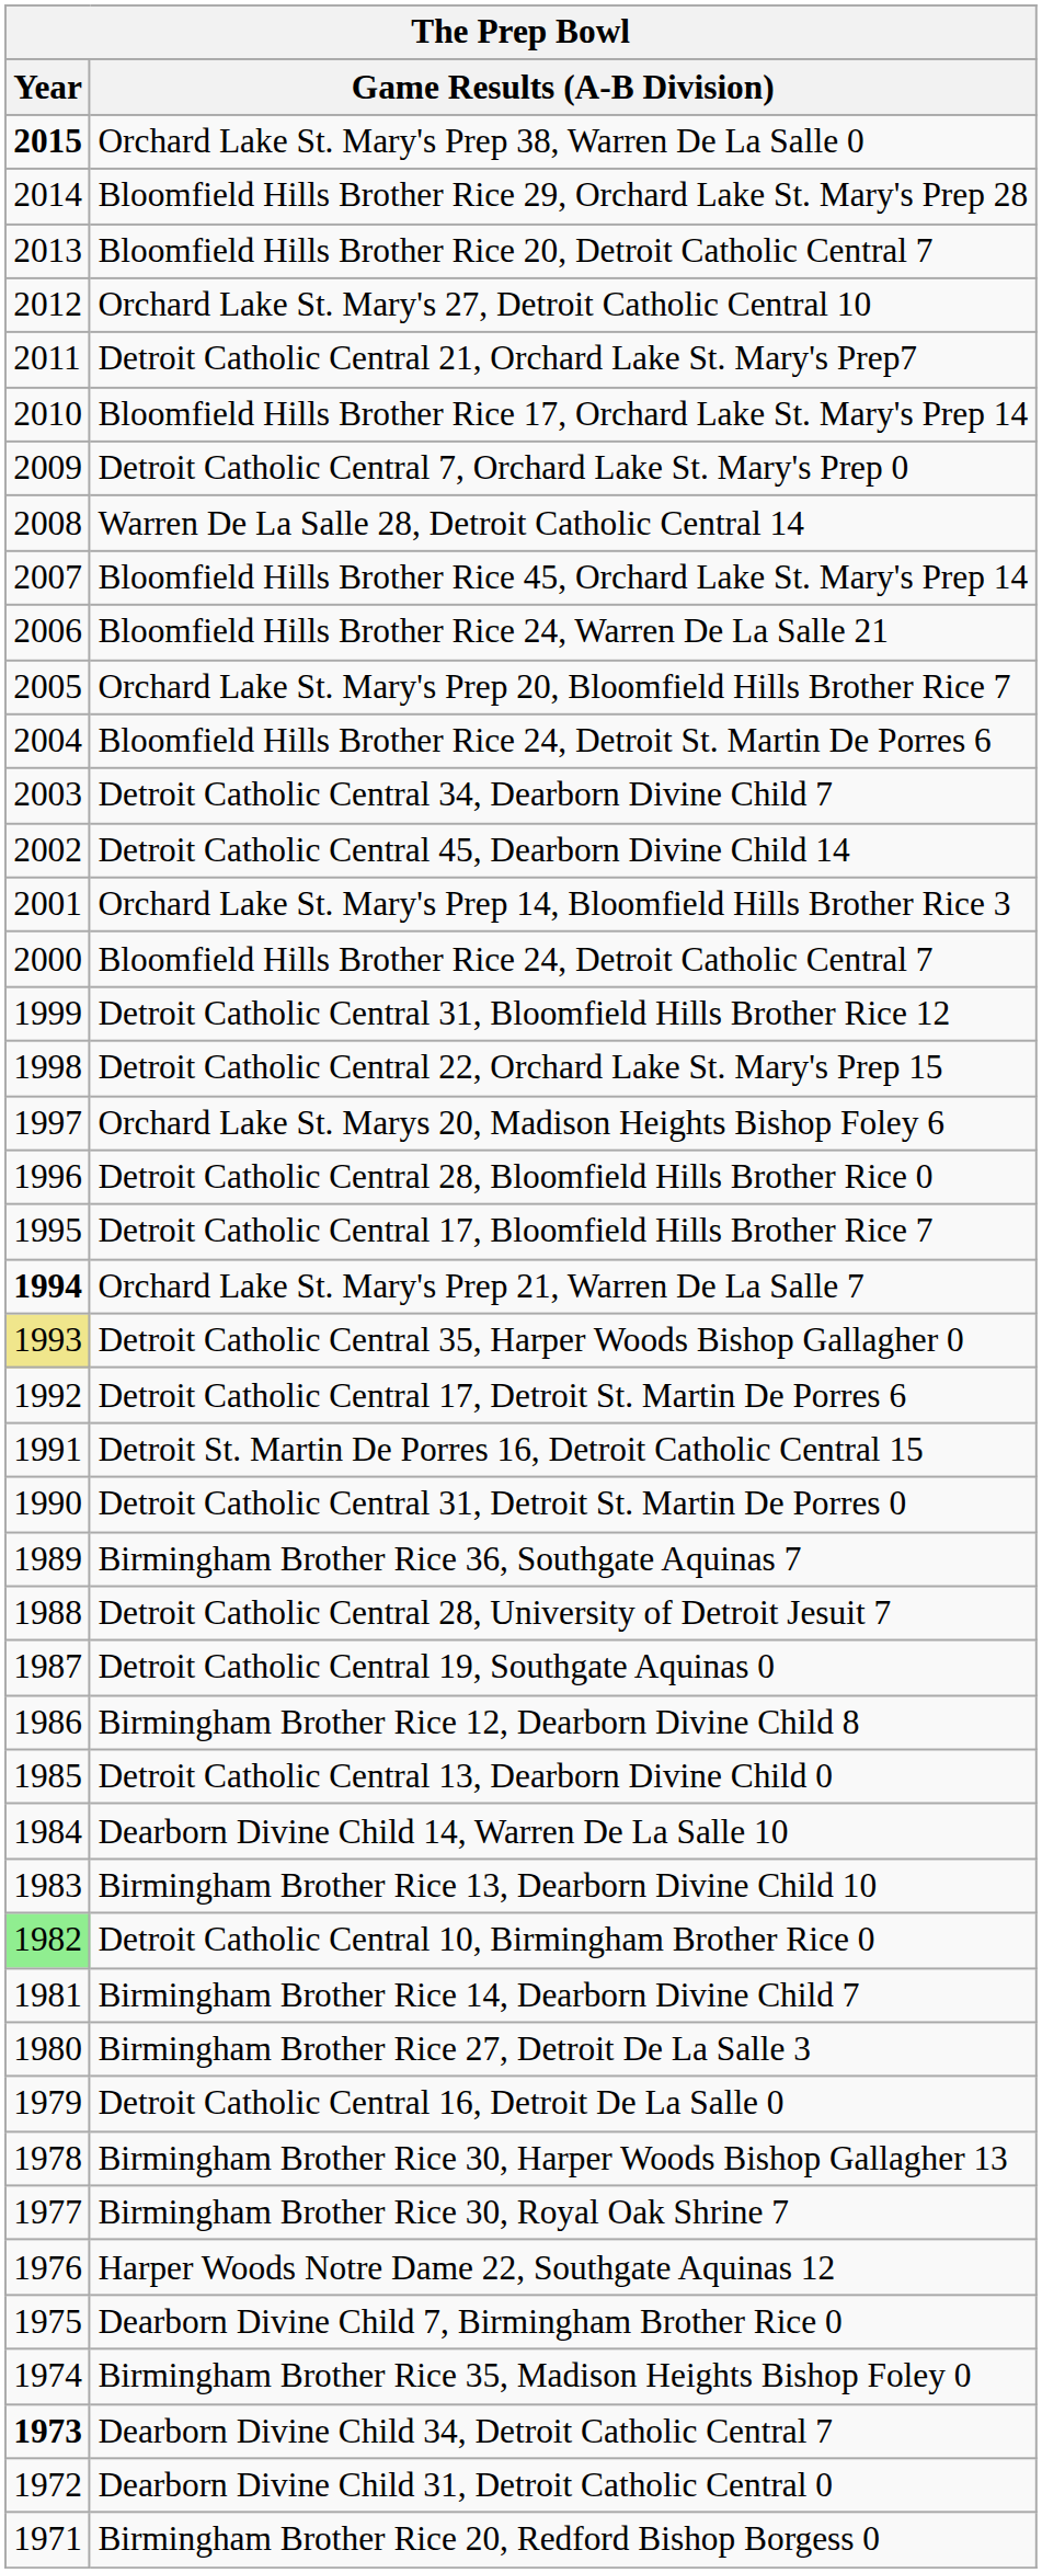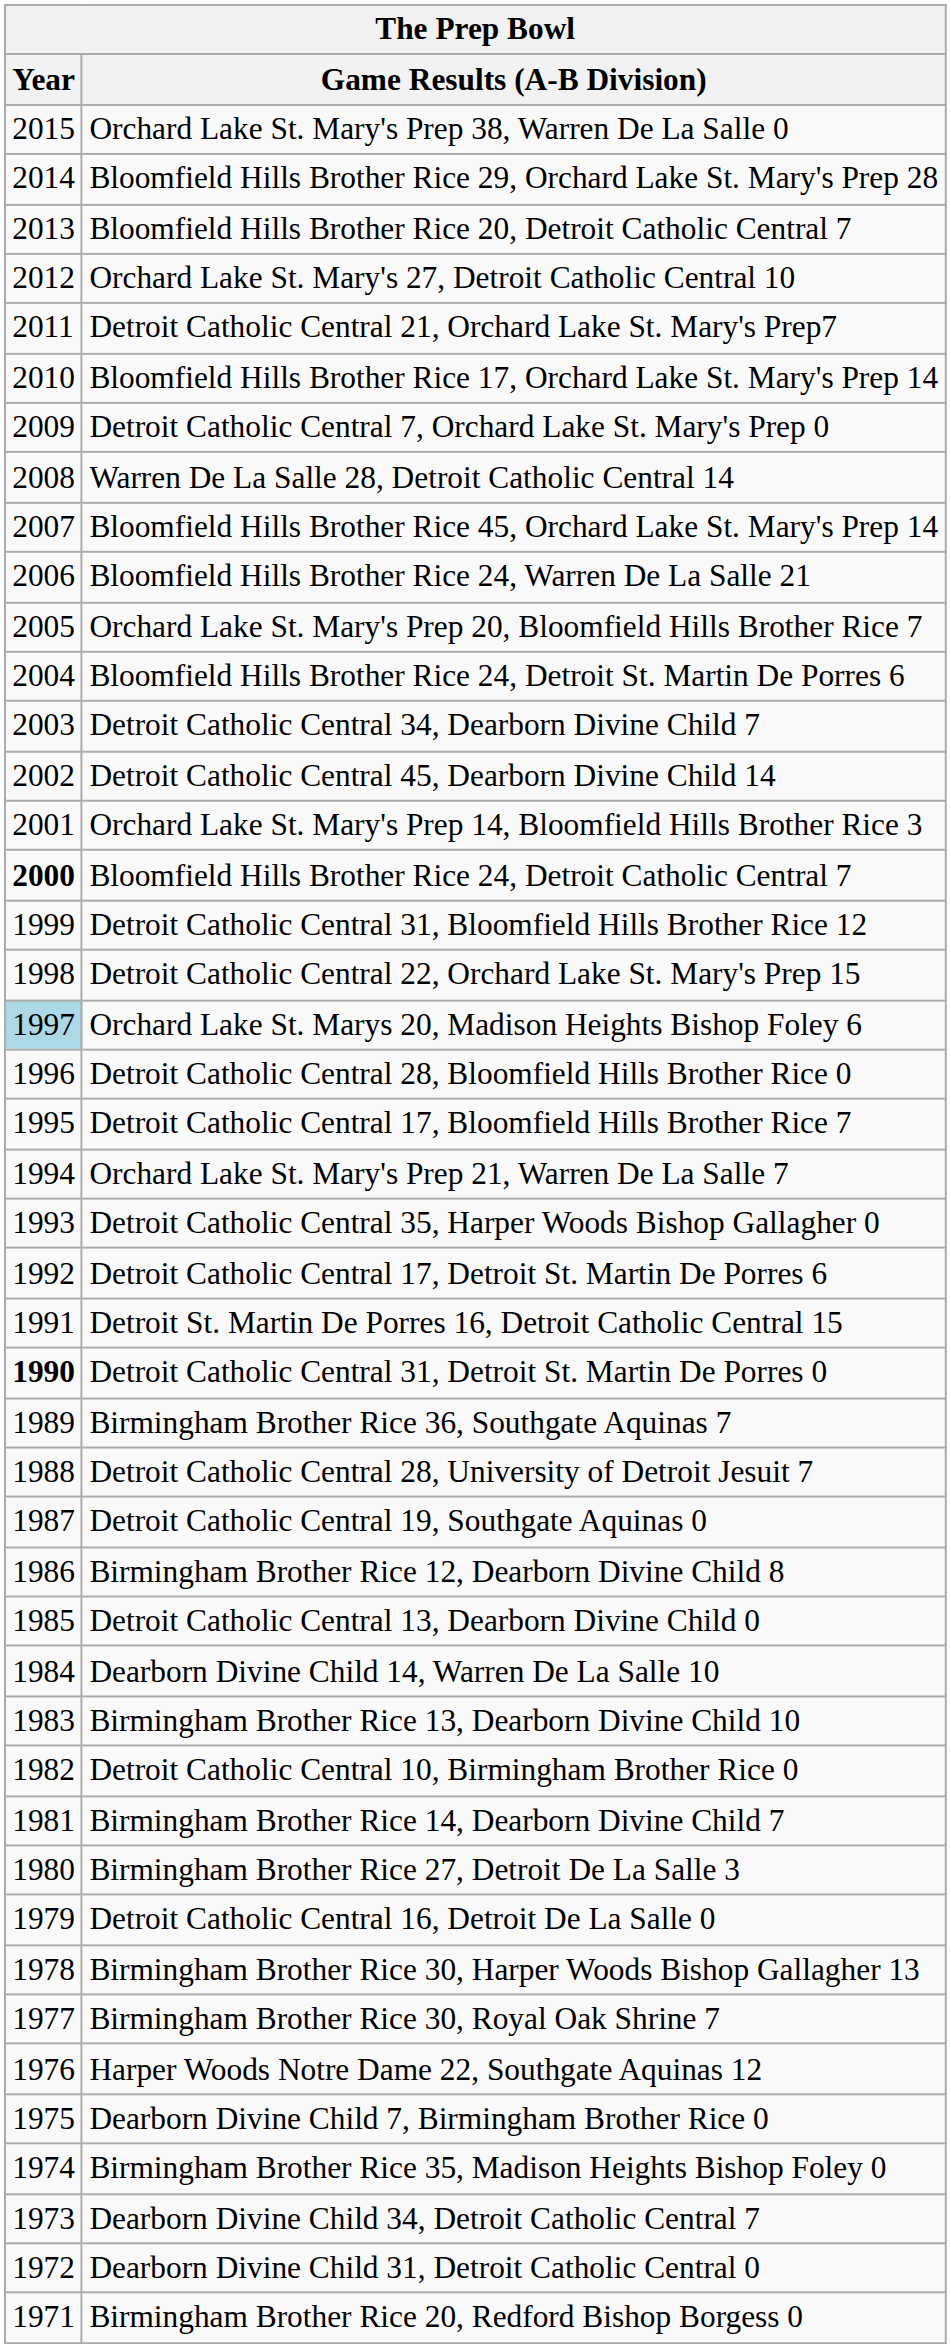 <table class="wikitable sortable">
 <tr>
 <th colspan=3>The Prep Bowl</th>
 </tr>
 <tr>
 <th>Year</th>
 <th>Game Results (A-B Division)</th>
 </tr>
 <tr>
-<td><strong>2015</strong></td>
+<td>2015</td>
 <td>Orchard Lake St. Mary's Prep 38, Warren De La Salle 0</td>
 </tr>
 <tr>
 <td>2014</td>
 <td>Bloomfield Hills Brother Rice 29, Orchard Lake St. Mary's Prep 28</td>
 </tr>
 <tr>
 <td>2013</td>
 <td>Bloomfield Hills Brother Rice 20, Detroit Catholic Central 7</td>
 </tr>
 <tr>
 <td>2012</td>
 <td>Orchard Lake St. Mary's 27, Detroit Catholic Central 10</td>
 </tr>
 <tr>
 <td>2011</td>
 <td>Detroit Catholic Central 21, Orchard Lake St. Mary's Prep7</td>
 </tr>
 <tr>
 <td>2010</td>
 <td>Bloomfield Hills Brother Rice 17, Orchard Lake St. Mary's Prep 14</td>
 </tr>
 <tr>
 <td>2009</td>
 <td>Detroit Catholic Central 7, Orchard Lake St. Mary's Prep 0</td>
 </tr>
 <tr>
 <td>2008</td>
 <td>Warren De La Salle 28, Detroit Catholic Central 14</td>
 </tr>
 <tr>
 <td>2007</td>
 <td>Bloomfield Hills Brother Rice 45, Orchard Lake St. Mary's Prep 14</td>
 </tr>
 <tr>
 <td>2006</td>
 <td>Bloomfield Hills Brother Rice 24, Warren De La Salle 21</td>
 </tr>
 <tr>
 <td>2005</td>
 <td>Orchard Lake St. Mary's Prep 20, Bloomfield Hills Brother Rice 7</td>
 </tr>
 <tr>
 <td>2004</td>
 <td>Bloomfield Hills Brother Rice 24, Detroit St. Martin De Porres 6</td>
 </tr>
 <tr>
 <td>2003</td>
 <td>Detroit Catholic Central 34, Dearborn Divine Child 7</td>
 </tr>
 <tr>
 <td>2002</td>
 <td>Detroit Catholic Central 45, Dearborn Divine Child 14</td>
 </tr>
 <tr>
 <td>2001</td>
 <td>Orchard Lake St. Mary's Prep 14, Bloomfield Hills Brother Rice 3</td>
 </tr>
 <tr>
-<td>2000</td>
+<td><strong>2000</strong></td>
 <td>Bloomfield Hills Brother Rice 24, Detroit Catholic Central 7</td>
 </tr>
 <tr>
 <td>1999</td>
 <td>Detroit Catholic Central 31, Bloomfield Hills Brother Rice 12</td>
 </tr>
 <tr>
 <td>1998</td>
 <td>Detroit Catholic Central 22, Orchard Lake St. Mary's Prep 15</td>
 </tr>
 <tr>
-<td>1997</td>
+<td style="background: lightblue;">1997</td>
 <td>Orchard Lake St. Marys 20, Madison Heights Bishop Foley 6</td>
 </tr>
 <tr>
 <td>1996</td>
 <td>Detroit Catholic Central 28, Bloomfield Hills Brother Rice 0</td>
 </tr>
 <tr>
 <td>1995</td>
 <td>Detroit Catholic Central 17, Bloomfield Hills Brother Rice 7</td>
 </tr>
 <tr>
-<td><strong>1994</strong></td>
+<td>1994</td>
 <td>Orchard Lake St. Mary's Prep 21, Warren De La Salle 7</td>
 </tr>
 <tr>
-<td style="background: khaki;">1993</td>
+<td>1993</td>
 <td>Detroit Catholic Central 35, Harper Woods Bishop Gallagher 0</td>
 </tr>
 <tr>
 <td>1992</td>
 <td>Detroit Catholic Central 17, Detroit St. Martin De Porres 6</td>
 </tr>
 <tr>
 <td>1991</td>
 <td>Detroit St. Martin De Porres 16, Detroit Catholic Central 15</td>
 </tr>
 <tr>
-<td>1990</td>
+<td><strong>1990</strong></td>
 <td>Detroit Catholic Central 31, Detroit St. Martin De Porres 0</td>
 </tr>
 <tr>
 <td>1989</td>
 <td>Birmingham Brother Rice 36, Southgate Aquinas 7</td>
 </tr>
 <tr>
 <td>1988</td>
 <td>Detroit Catholic Central 28, University of Detroit Jesuit 7</td>
 </tr>
 <tr>
 <td>1987</td>
 <td>Detroit Catholic Central 19, Southgate Aquinas 0</td>
 </tr>
 <tr>
 <td>1986</td>
 <td>Birmingham Brother Rice 12, Dearborn Divine Child 8</td>
 </tr>
 <tr>
 <td>1985</td>
 <td>Detroit Catholic Central 13, Dearborn Divine Child 0</td>
 </tr>
 <tr>
 <td>1984</td>
 <td>Dearborn Divine Child 14, Warren De La Salle 10</td>
 </tr>
 <tr>
 <td>1983</td>
 <td>Birmingham Brother Rice 13, Dearborn Divine Child 10</td>
 </tr>
 <tr>
-<td style="background: lightgreen;">1982</td>
+<td>1982</td>
 <td>Detroit Catholic Central 10, Birmingham Brother Rice 0</td>
 </tr>
 <tr>
 <td>1981</td>
 <td>Birmingham Brother Rice 14, Dearborn Divine Child 7</td>
 </tr>
 <tr>
 <td>1980</td>
 <td>Birmingham Brother Rice 27, Detroit De La Salle 3</td>
 </tr>
 <tr>
 <td>1979</td>
 <td>Detroit Catholic Central 16, Detroit De La Salle 0</td>
 </tr>
 <tr>
 <td>1978</td>
 <td>Birmingham Brother Rice 30, Harper Woods Bishop Gallagher 13</td>
 </tr>
 <tr>
 <td>1977</td>
 <td>Birmingham Brother Rice 30, Royal Oak Shrine 7</td>
 </tr>
 <tr>
 <td>1976</td>
 <td>Harper Woods Notre Dame 22, Southgate Aquinas 12</td>
 </tr>
 <tr>
 <td>1975</td>
 <td>Dearborn Divine Child 7, Birmingham Brother Rice 0</td>
 </tr>
 <tr>
 <td>1974</td>
 <td>Birmingham Brother Rice 35, Madison Heights Bishop Foley 0</td>
 </tr>
 <tr>
-<td><strong>1973</strong></td>
+<td>1973</td>
 <td>Dearborn Divine Child 34, Detroit Catholic Central 7</td>
 </tr>
 <tr>
 <td>1972</td>
 <td>Dearborn Divine Child 31, Detroit Catholic Central 0</td>
 </tr>
 <tr>
 <td>1971</td>
 <td>Birmingham Brother Rice 20, Redford Bishop Borgess 0</td>
 </tr>
 </table>
